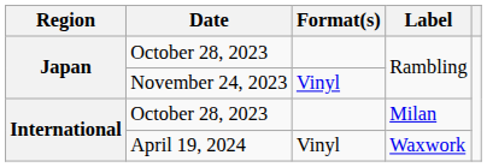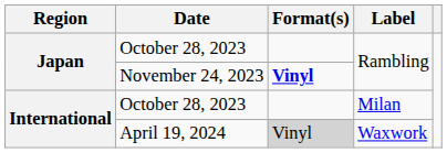 <table class="wikitable plainrowheaders">
 <tr>
 <th scope="col">Region</th>
 <th scope="col">Date</th>
 <th scope="col">Format(s)</th>
 <th scope="col">Label</th>
 <th scope="col"></th>
 </tr>
 <tr>
 <th rowspan="2" scope="row">Japan</th>
 <td>October 28, 2023</td>
 <td></td>
 <td rowspan="2">Rambling</td>
 <td rowspan="4" align="center"><br><br></td>
 </tr>
 <tr>
 <td>November 24, 2023</td>
-<td><a href='#'>Vinyl</a></td>
+<td><strong><a href='#'>Vinyl</a></strong></td>
 </tr>
 <tr>
 <th rowspan="2" scope="row">International</th>
 <td>October 28, 2023</td>
 <td></td>
 <td><a href='#'>Milan</a></td>
 </tr>
 <tr>
 <td>April 19, 2024</td>
-<td>Vinyl</td>
+<td style="background: lightgrey;">Vinyl</td>
 <td><a href='#'>Waxwork</a></td>
 </tr>
 </table>
